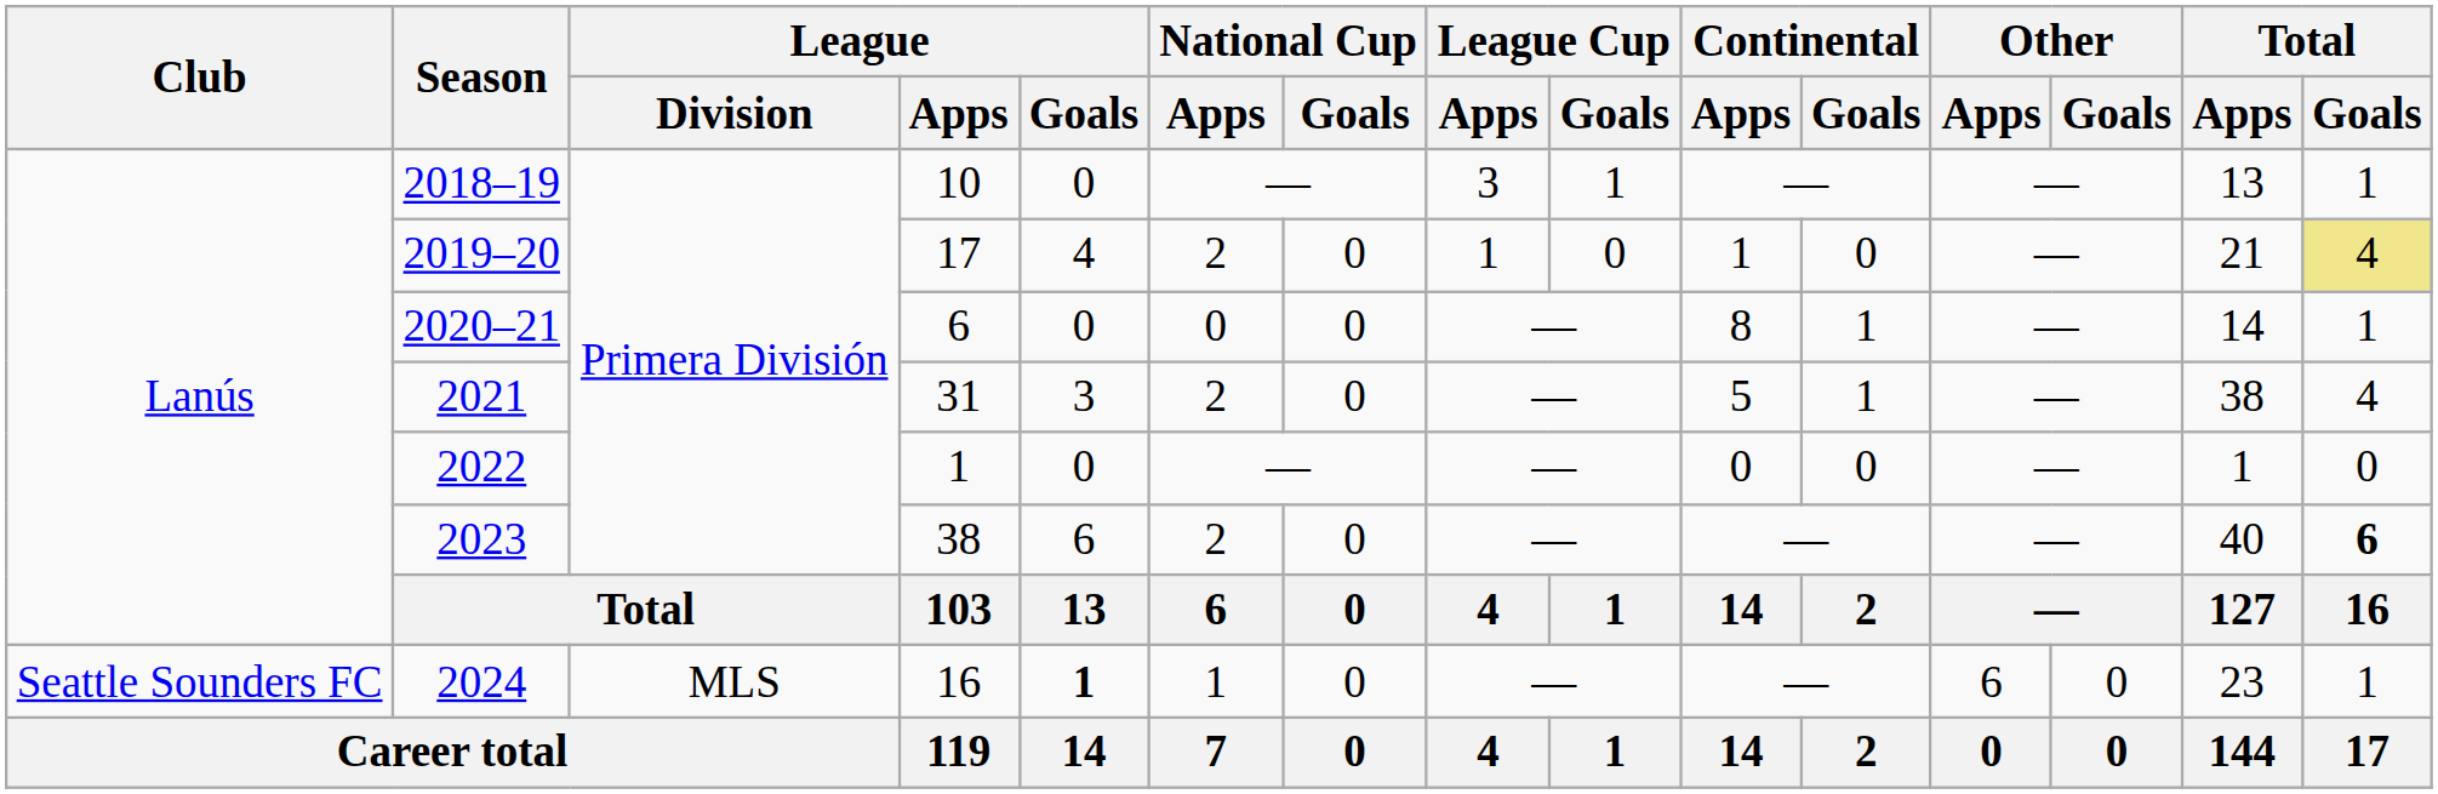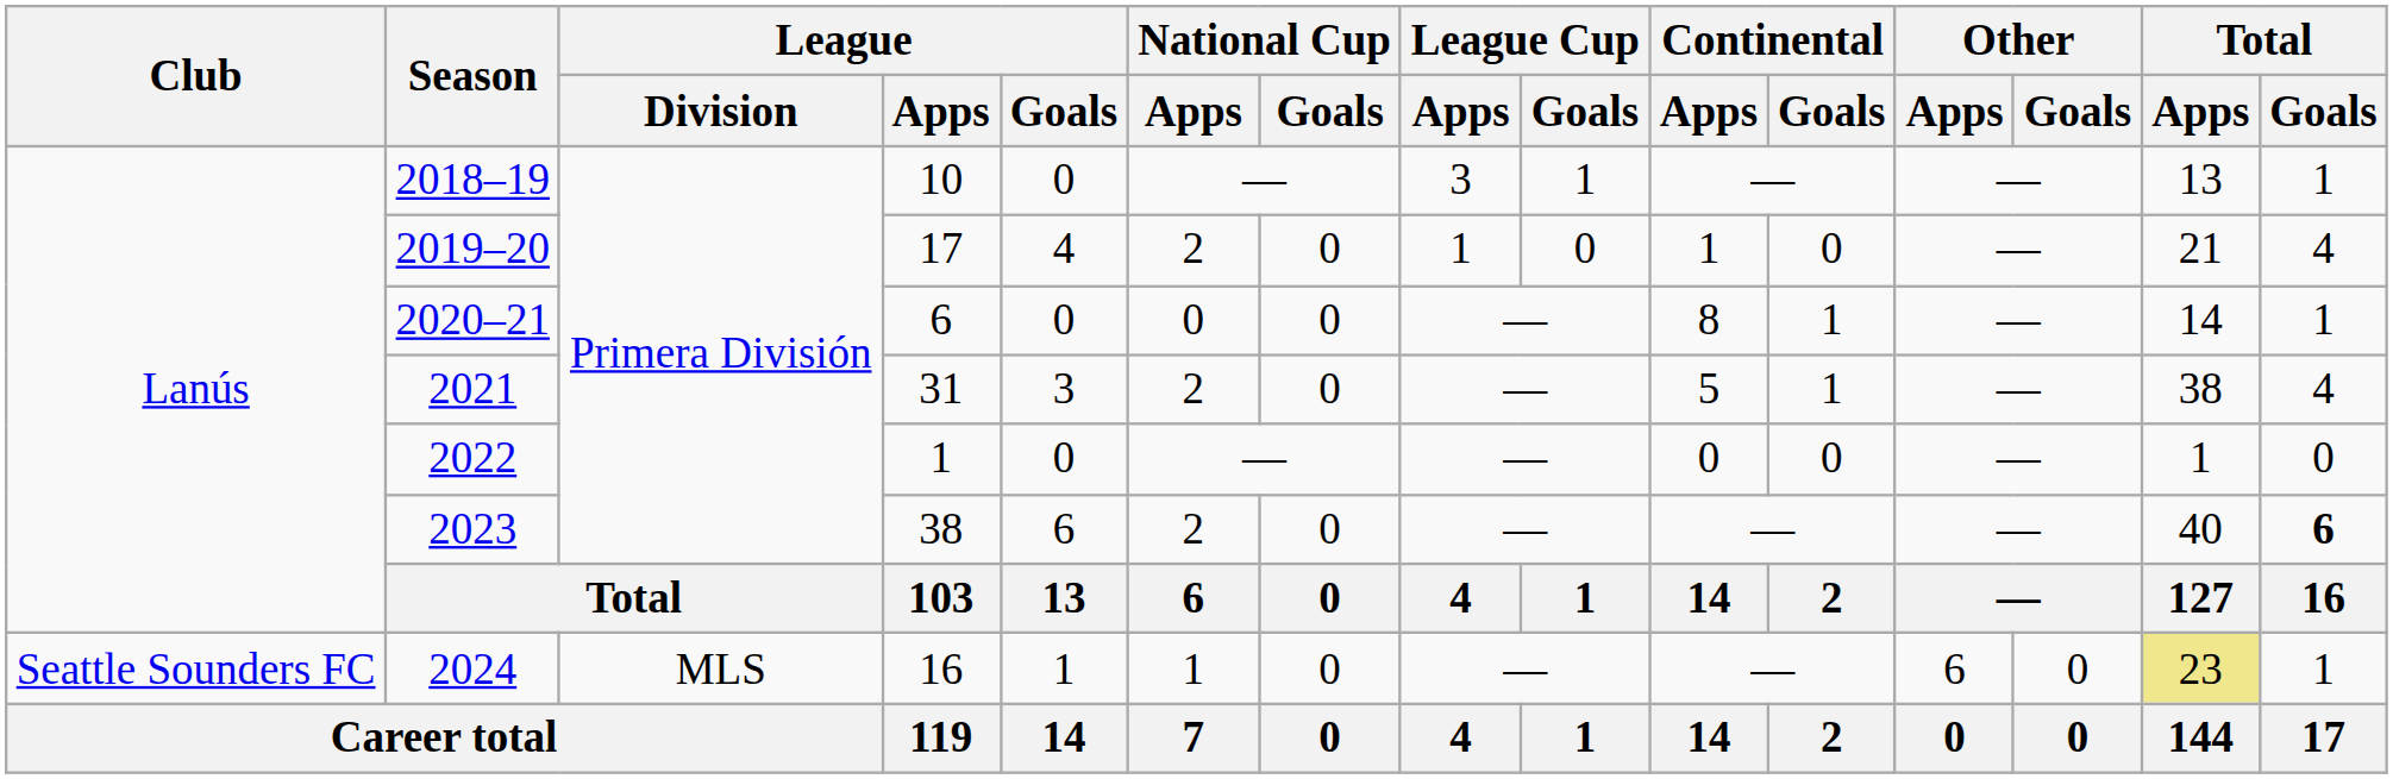 <table class="wikitable" style="text-align:center">
 <tr>
 <th rowspan="2">Club</th>
 <th rowspan="2">Season</th>
 <th colspan="3">League</th>
 <th colspan="2">National Cup</th>
 <th colspan="2">League Cup</th>
 <th colspan="2">Continental</th>
 <th colspan="2">Other</th>
 <th colspan="2">Total</th>
 </tr>
 <tr>
 <th>Division</th>
 <th>Apps</th>
 <th>Goals</th>
 <th>Apps</th>
 <th>Goals</th>
 <th>Apps</th>
 <th>Goals</th>
 <th>Apps</th>
 <th>Goals</th>
 <th>Apps</th>
 <th>Goals</th>
 <th>Apps</th>
 <th>Goals</th>
 </tr>
 <tr>
 <td rowspan="7"><a href='#'>Lanús</a></td>
 <td><a href='#'>2018–19</a></td>
 <td rowspan="6"><a href='#'>Primera División</a></td>
 <td>10</td>
 <td>0</td>
 <td colspan="2">—</td>
 <td>3</td>
 <td>1</td>
 <td colspan="2">—</td>
 <td colspan="2">—</td>
 <td>13</td>
 <td>1</td>
 </tr>
 <tr>
 <td><a href='#'>2019–20</a></td>
 <td>17</td>
 <td>4</td>
 <td>2</td>
 <td>0</td>
 <td>1</td>
 <td>0</td>
 <td>1</td>
 <td>0</td>
 <td colspan="2">—</td>
 <td>21</td>
-<td style="background: khaki;">4</td>
+<td>4</td>
 </tr>
 <tr>
 <td><a href='#'>2020–21</a></td>
 <td>6</td>
 <td>0</td>
 <td>0</td>
 <td>0</td>
 <td colspan="2">—</td>
 <td>8</td>
 <td>1</td>
 <td colspan="2">—</td>
 <td>14</td>
 <td>1</td>
 </tr>
 <tr>
 <td><a href='#'>2021</a></td>
 <td>31</td>
 <td>3</td>
 <td>2</td>
 <td>0</td>
 <td colspan="2">—</td>
 <td>5</td>
 <td>1</td>
 <td colspan="2">—</td>
 <td>38</td>
 <td>4</td>
 </tr>
 <tr>
 <td><a href='#'>2022</a></td>
 <td>1</td>
 <td>0</td>
 <td colspan="2">—</td>
 <td colspan="2">—</td>
 <td>0</td>
 <td>0</td>
 <td colspan="2">—</td>
 <td>1</td>
 <td>0</td>
 </tr>
 <tr>
 <td><a href='#'>2023</a></td>
 <td>38</td>
 <td>6</td>
 <td>2</td>
 <td>0</td>
 <td colspan="2">—</td>
 <td colspan="2">—</td>
 <td colspan="2">—</td>
 <td>40</td>
 <td><strong>6</strong></td>
 </tr>
 <tr>
 <th colspan="2">Total</th>
 <th>103</th>
 <th>13</th>
 <th>6</th>
 <th>0</th>
 <th>4</th>
 <th>1</th>
 <th>14</th>
 <th>2</th>
 <th colspan="2">—</th>
 <th>127</th>
 <th>16</th>
 </tr>
 <tr>
 <td><a href='#'>Seattle Sounders FC</a></td>
 <td><a href='#'>2024</a></td>
 <td>MLS</td>
 <td>16</td>
-<td><strong>1</strong></td>
+<td>1</td>
 <td>1</td>
 <td>0</td>
 <td colspan="2">—</td>
 <td colspan="2">—</td>
 <td>6</td>
 <td>0</td>
-<td>23</td>
+<td style="background: khaki;">23</td>
 <td>1</td>
 </tr>
 <tr>
 <th colspan="3">Career total</th>
 <th>119</th>
 <th>14</th>
 <th>7</th>
 <th>0</th>
 <th>4</th>
 <th>1</th>
 <th>14</th>
 <th>2</th>
 <th>0</th>
 <th>0</th>
 <th>144</th>
 <th>17</th>
 </tr>
 </table>
